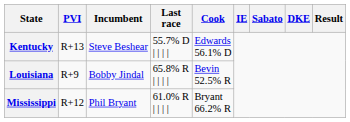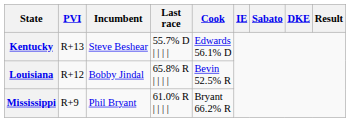 <table class="wikitable sortable">
 <tr>
 <th>State</th>
 <th><a href='#'>PVI</a></th>
 <th>Incumbent</th>
 <th>Last<br>race</th>
 <th scope="col"><a href='#'>Cook</a><br></th>
 <th><a href='#'>IE</a><br></th>
 <th><a href='#'>Sabato</a><br></th>
 <th><a href='#'>DKE</a><br></th>
 <th>Result</th>
 </tr>
 <tr>
 <th><a href='#'>Kentucky</a></th>
 <td>R+13</td>
 <td><a href='#'>Steve Beshear</a> </td>
 <td>55.7% D<br>| | | | </td>
 <td><a href='#'>Edwards</a><br>56.1% D </td>
 </tr>
 <tr>
 <th><a href='#'>Louisiana</a></th>
-<td>R+9</td>
+<td>R+12</td>
 <td><a href='#'>Bobby Jindal</a> </td>
 <td>65.8% R<br>| | | | </td>
 <td><a href='#'>Bevin</a><br>52.5% R </td>
 </tr>
 <tr>
 <th><a href='#'>Mississippi</a></th>
-<td>R+12</td>
+<td>R+9</td>
 <td><a href='#'>Phil Bryant</a></td>
 <td>61.0% R<br>| | | | </td>
 <td>Bryant<br>66.2% R</td>
 </tr>
 </table>
